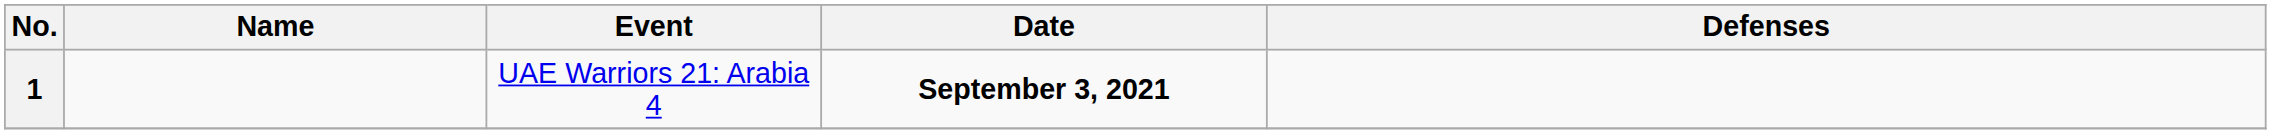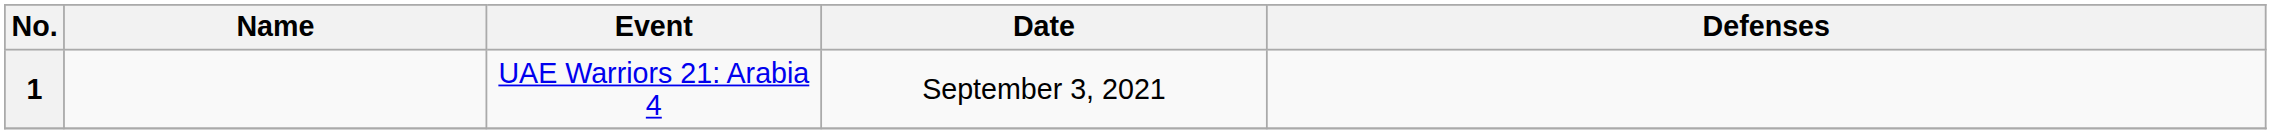 <table class="wikitable" width=100%>
 <tr>
 <th width=1%>No.</th>
 <th width=19%>Name</th>
 <th width=15%>Event</th>
 <th width=20%>Date</th>
 <th width=45%>Defenses</th>
 </tr>
 <tr>
 <th>1</th>
 <td align=left><br></td>
 <td align=center><a href='#'>UAE Warriors 21: Arabia 4</a> <br></td>
-<td align=center><strong>September 3, 2021</strong></td>
+<td align=center>September 3, 2021</td>
 <td></td>
 </tr>
 <tr>
 </tr>
 </table>
